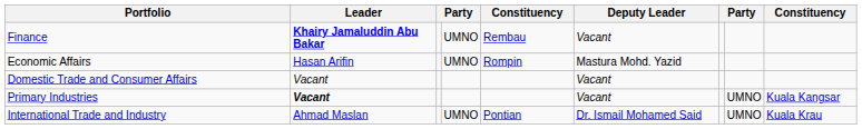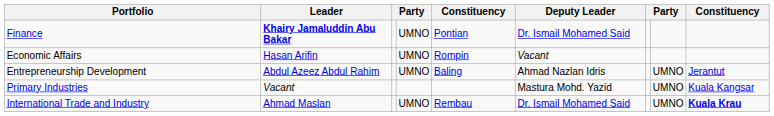 <table class="wikitable">
 <tr>
 <th width=400px>Portfolio</th>
 <th width=200px>Leader</th>
 <th colspan="2">Party</th>
 <th width=125px>Constituency</th>
 <th width=200px>Deputy Leader</th>
 <th colspan="2">Party</th>
 <th width=125px>Constituency</th>
 </tr>
 <tr>
 <td><a href='#'>Finance</a></td>
 <td><strong><a href='#'>Khairy Jamaluddin Abu Bakar</a></strong></td>
 <td></td>
 <td>UMNO</td>
-<td><a href='#'>Rembau</a></td>
-<td><em>Vacant</em></td>
+<td><a href='#'>Pontian</a></td>
+<td><a href='#'>Dr. Ismail Mohamed Said</a></td>
 <td></td>
 <td></td>
 <td></td>
 </tr>
 <tr>
 <td>Economic Affairs</td>
 <td><a href='#'>Hasan Arifin</a></td>
 <td></td>
 <td>UMNO</td>
 <td><a href='#'>Rompin</a></td>
-<td>Mastura Mohd. Yazid</td>
-<td></td>
-<td></td>
-<td></td>
-</tr>
-<tr>
-<td><a href='#'>Domestic Trade and Consumer Affairs</a></td>
-<td><em>Vacant</em></td>
-<td></td>
-<td></td>
-<td></td>
 <td><em>Vacant</em></td>
 <td></td>
 <td></td>
 <td></td>
 </tr>
 <tr>
+<td>Entrepreneurship Development</td>
+<td><a href='#'>Abdul Azeez Abdul Rahim</a></td>
+<td></td>
+<td>UMNO</td>
+<td><a href='#'>Baling</a></td>
+<td>Ahmad Nazlan Idris</td>
+<td></td>
+<td>UMNO</td>
+<td><a href='#'>Jerantut</a></td>
+</tr>
+<tr>
 <td><a href='#'>Primary Industries</a></td>
-<td><strong><em>Vacant</em></strong></td>
+<td><em>Vacant</em></td>
 <td></td>
 <td></td>
 <td></td>
-<td><em>Vacant</em></td>
+<td>Mastura Mohd. Yazid</td>
 <td></td>
 <td>UMNO</td>
 <td><a href='#'>Kuala Kangsar</a></td>
 </tr>
 <tr>
 <td><a href='#'>International Trade and Industry</a></td>
 <td><a href='#'>Ahmad Maslan</a></td>
 <td></td>
 <td>UMNO</td>
-<td><a href='#'>Pontian</a></td>
+<td><a href='#'>Rembau</a></td>
 <td><a href='#'>Dr. Ismail Mohamed Said</a></td>
 <td></td>
 <td>UMNO</td>
-<td><a href='#'>Kuala Krau</a></td>
+<td><strong><a href='#'>Kuala Krau</a></strong></td>
 </tr>
 </table>
